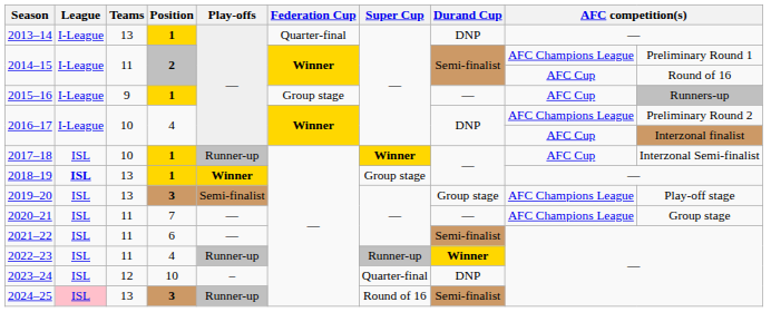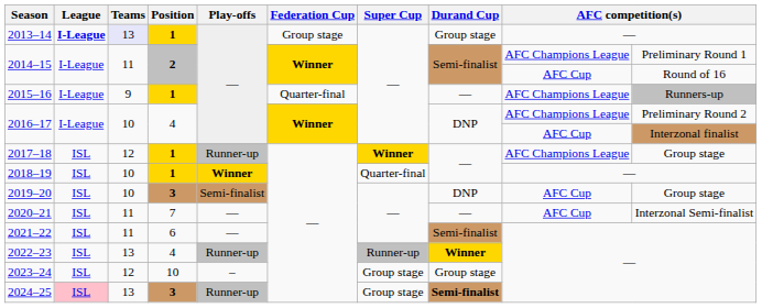 <table class="wikitable" style="text-align:center">
 <tr style="background:#efefef;">
 <th>Season</th>
 <th>League</th>
 <th>Teams</th>
 <th>Position</th>
 <th>Play-offs</th>
 <th><a href='#'>Federation Cup</a></th>
 <th><a href='#'>Super Cup</a></th>
 <th><a href='#'>Durand Cup</a></th>
 <th colspan=2><a href='#'>AFC</a> competition(s)</th>
 </tr>
 <tr>
 <td><a href='#'>2013–14</a></td>
-<td><a href='#'>I-League</a></td>
-<td>13</td>
+<td><strong><a href='#'>I-League</a></strong></td>
+<td style="background: lavender;">13</td>
 <td style="background:gold;"><strong>1</strong></td>
 <td rowspan="6" bgcolor="#efefef">—</td>
-<td>Quarter-final</td>
+<td>Group stage</td>
 <td rowspan=6>—</td>
-<td>DNP</td>
+<td>Group stage</td>
 <td colspan=2>—</td>
 </tr>
 <tr>
 <td rowspan=2><a href='#'>2014–15</a></td>
 <td rowspan=2><a href='#'>I-League</a></td>
 <td rowspan=2>11</td>
 <td rowspan=2 style="background:silver;"><strong>2</strong></td>
 <td rowspan=2 style="background:gold;"><strong>Winner</strong></td>
 <td rowspan=2 style="background:#cc9966;">Semi-finalist</td>
 <td><a href='#'>AFC Champions League</a></td>
 <td>Preliminary Round 1</td>
 </tr>
 <tr>
 <td><a href='#'>AFC Cup</a></td>
 <td>Round of 16</td>
 </tr>
 <tr>
 <td rowspan=1><a href='#'>2015–16</a></td>
 <td rowspan=1><a href='#'>I-League</a></td>
 <td rowspan=1>9</td>
 <td style="background:gold;"><strong>1</strong></td>
-<td>Group stage</td>
+<td>Quarter-final</td>
 <td>—</td>
-<td><a href='#'>AFC Cup</a></td>
+<td><a href='#'>AFC Champions League</a></td>
 <td style="background:silver;">Runners-up</td>
 </tr>
 <tr>
 <td rowspan=2><a href='#'>2016–17</a></td>
 <td rowspan=2><a href='#'>I-League</a></td>
 <td rowspan=2>10</td>
 <td rowspan=2>4</td>
 <td rowspan=2 style="background:gold;"><strong>Winner</strong></td>
 <td rowspan=2>DNP</td>
 <td><a href='#'>AFC Champions League</a></td>
 <td>Preliminary Round 2</td>
 </tr>
 <tr>
 <td><a href='#'>AFC Cup</a></td>
 <td style="background:#cc9966;">Interzonal finalist</td>
 </tr>
 <tr>
 <td><a href='#'>2017–18</a></td>
 <td><a href='#'>ISL</a></td>
-<td>10</td>
+<td>12</td>
 <td style="background:gold;"><strong>1</strong></td>
 <td style="background:silver;">Runner-up</td>
 <td rowspan="8">—</td>
 <td style="background:gold;"><strong>Winner</strong></td>
 <td rowspan=2>—</td>
-<td><a href='#'>AFC Cup</a></td>
-<td>Interzonal Semi-finalist</td>
+<td><a href='#'>AFC Champions League</a></td>
+<td>Group stage</td>
 </tr>
 <tr>
 <td><a href='#'>2018–19</a></td>
-<td><strong><a href='#'>ISL</a></strong></td>
-<td>13</td>
+<td><a href='#'>ISL</a></td>
+<td>10</td>
 <td style="background:gold;"><strong>1</strong></td>
 <td style="background:gold;"><strong> Winner </strong></td>
-<td>Group stage</td>
+<td>Quarter-final</td>
 <td colspan=2>—</td>
 </tr>
 <tr>
 <td><a href='#'>2019–20</a></td>
 <td><a href='#'>ISL</a></td>
-<td>13</td>
+<td>10</td>
 <td style="background:#cc9966;"><strong>3</strong></td>
 <td style="background:#cc9966;">Semi-finalist</td>
 <td rowspan=3>—</td>
+<td>DNP</td>
+<td><a href='#'>AFC Cup</a></td>
 <td>Group stage</td>
-<td><a href='#'>AFC Champions League</a></td>
-<td>Play-off stage</td>
 </tr>
 <tr>
 <td><a href='#'>2020–21</a></td>
 <td><a href='#'>ISL</a></td>
 <td>11</td>
 <td>7</td>
 <td>—</td>
 <td>—</td>
-<td><a href='#'>AFC Champions League</a></td>
-<td>Group stage</td>
+<td><a href='#'>AFC Cup</a></td>
+<td>Interzonal Semi-finalist</td>
 </tr>
 <tr>
 <td><a href='#'>2021–22</a></td>
 <td><a href='#'>ISL</a></td>
 <td>11</td>
 <td>6</td>
 <td>—</td>
 <td style="background:#cc9966;">Semi-finalist</td>
 <td colspan="2" rowspan="4">—</td>
 </tr>
 <tr>
 <td><a href='#'>2022–23</a></td>
 <td><a href='#'>ISL</a></td>
-<td>11</td>
+<td>13</td>
 <td>4</td>
 <td style="background:silver;">Runner-up</td>
 <td style="background:silver;">Runner-up</td>
 <td rowspan=1 style="background:gold;"><strong>Winner</strong></td>
 </tr>
 <tr>
 <td><a href='#'>2023–24</a></td>
 <td><a href='#'>ISL</a></td>
 <td>12</td>
 <td>10</td>
 <td>–</td>
-<td>Quarter-final</td>
-<td>DNP</td>
+<td>Group stage</td>
+<td>Group stage</td>
 </tr>
 <tr>
 <td><a href='#'>2024–25</a></td>
 <td style="background: pink;"><a href='#'>ISL</a></td>
 <td>13</td>
 <td style="background:#cc9966;"><strong>3</strong></td>
 <td style="background:silver;">Runner-up</td>
-<td>Round of 16</td>
-<td style="background:#cc9966;">Semi-finalist</td>
+<td>Group stage</td>
+<td style="background:#cc9966;"><strong>Semi-finalist</strong></td>
 </tr>
 </table>
